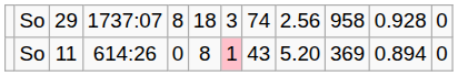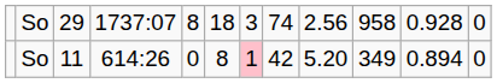 <table class="wikitable sortable" style="text-align:center">
 <tr>
 <td align=left></td>
 <td>So</td>
 <td>29</td>
 <td>1737:07</td>
 <td>8</td>
 <td>18</td>
 <td>3</td>
 <td>74</td>
 <td>2.56</td>
 <td>958</td>
 <td>0.928</td>
 <td>0</td>
 </tr>
 <tr>
 <td align=left></td>
 <td>So</td>
 <td>11</td>
 <td>614:26</td>
 <td>0</td>
 <td>8</td>
 <td style="background: pink;">1</td>
-<td>43</td>
+<td>42</td>
 <td>5.20</td>
-<td>369</td>
+<td>349</td>
 <td>0.894</td>
 <td>0</td>
 </tr>
 </table>
